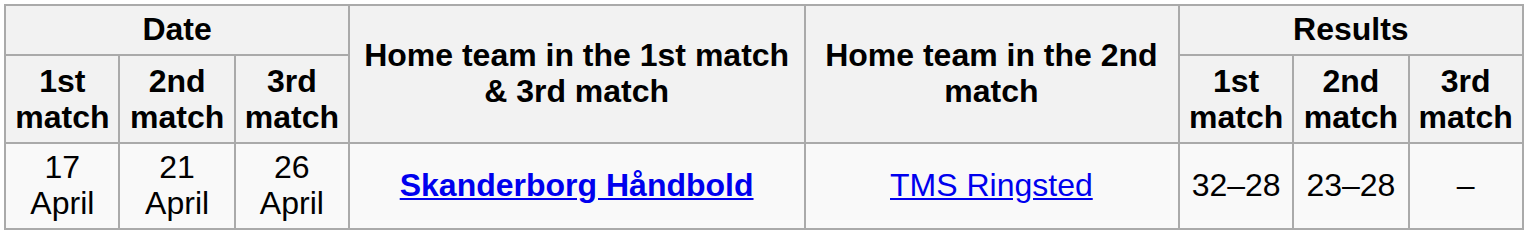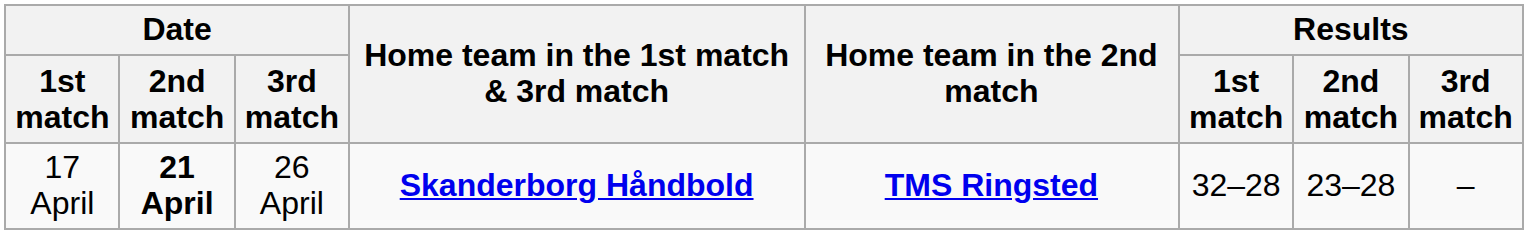 <table class="wikitable" style="text-align:center; margin-left:1em;">
 <tr>
 <th colspan="3">Date</th>
 <th rowspan="2" style="width:220px;">Home team in the 1st match & 3rd match</th>
 <th rowspan="2" style="width:180px;">Home team in the 2nd match</th>
 <th colspan="3">Results</th>
 </tr>
 <tr>
 <th style="width:50px;">1st match</th>
 <th style="width:50px;">2nd match</th>
 <th style="width:50px;">3rd match</th>
 <th style="width:50px;">1st match</th>
 <th style="width:50px;">2nd match</th>
 <th style="width:50px;">3rd match</th>
 </tr>
 <tr>
 <td>17 April</td>
-<td>21 April</td>
+<td><strong>21 April</strong></td>
 <td>26 April</td>
 <td><strong><a href='#'>Skanderborg Håndbold</a></strong></td>
-<td><a href='#'>TMS Ringsted</a></td>
+<td><strong><a href='#'>TMS Ringsted</a></strong></td>
 <td>32–28</td>
 <td>23–28</td>
 <td>–</td>
 </tr>
 </table>
